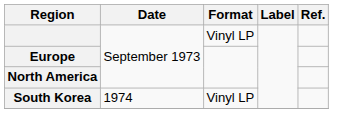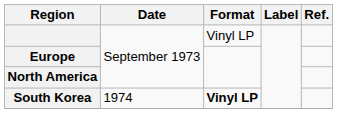 <table class="wikitable plainrowheaders">
 <tr>
 <th scope="col">Region</th>
 <th scope="col">Date</th>
 <th scope="col">Format</th>
 <th scope="col">Label</th>
 <th scope="col">Ref.</th>
 </tr>
 <tr>
 <th scope="row"></th>
 <td rowspan="3">September 1973</td>
 <td>Vinyl LP</td>
 <td rowspan="4"></td>
 <td></td>
 </tr>
 <tr>
 <th scope="row">Europe</th>
 <td rowspan="2"></td>
 <td></td>
 </tr>
 <tr>
 <th scope="row">North America</th>
 <td></td>
 </tr>
 <tr>
 <th scope="row">South Korea</th>
 <td>1974</td>
-<td>Vinyl LP</td>
+<td><strong>Vinyl LP</strong></td>
 <td></td>
 </tr>
 <tr>
 </tr>
 </table>
